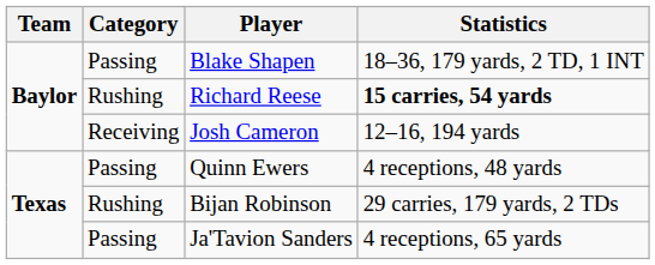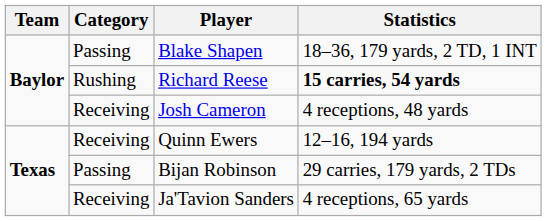 <table class="wikitable" style="float: right;">
 <tr>
 <th>Team</th>
 <th>Category</th>
 <th>Player</th>
 <th>Statistics</th>
 </tr>
 <tr>
 <td rowspan=3><strong>Baylor</strong></td>
 <td>Passing</td>
 <td><a href='#'>Blake Shapen</a></td>
 <td>18–36, 179 yards, 2 TD, 1 INT</td>
 </tr>
 <tr>
 <td>Rushing</td>
 <td><a href='#'>Richard Reese</a></td>
 <td><strong>15 carries, 54 yards</strong></td>
 </tr>
 <tr>
 <td>Receiving</td>
 <td><a href='#'>Josh Cameron</a></td>
+<td>4 receptions, 48 yards</td>
+</tr>
+<tr>
+<td rowspan=3><strong>Texas</strong></td>
+<td>Receiving</td>
+<td>Quinn Ewers</td>
 <td>12–16, 194 yards</td>
 </tr>
 <tr>
-<td rowspan=3><strong>Texas</strong></td>
 <td>Passing</td>
-<td>Quinn Ewers</td>
-<td>4 receptions, 48 yards</td>
-</tr>
-<tr>
-<td>Rushing</td>
 <td>Bijan Robinson</td>
 <td>29 carries, 179 yards, 2 TDs</td>
 </tr>
 <tr>
-<td>Passing</td>
+<td>Receiving</td>
 <td>Ja'Tavion Sanders</td>
 <td>4 receptions, 65 yards</td>
 </tr>
 </table>
